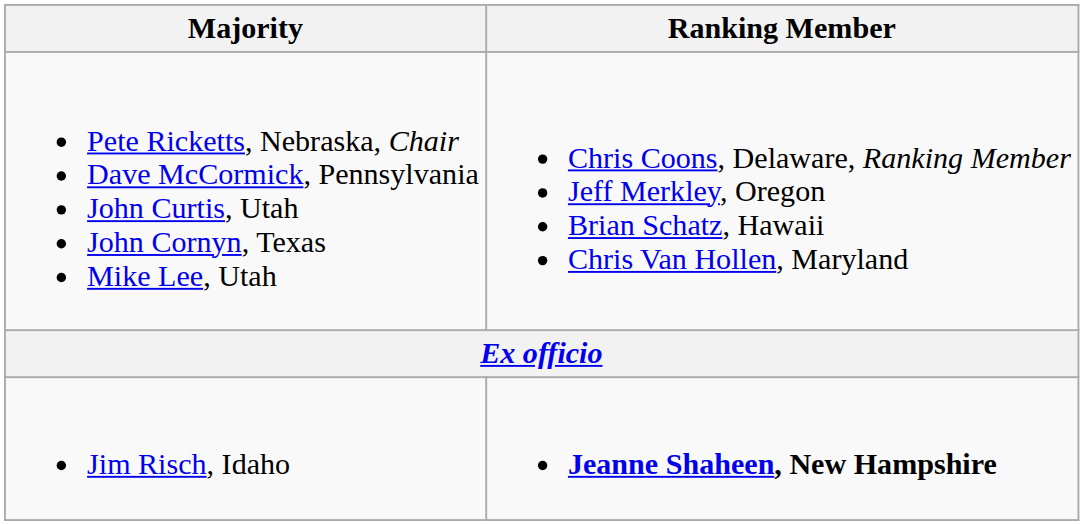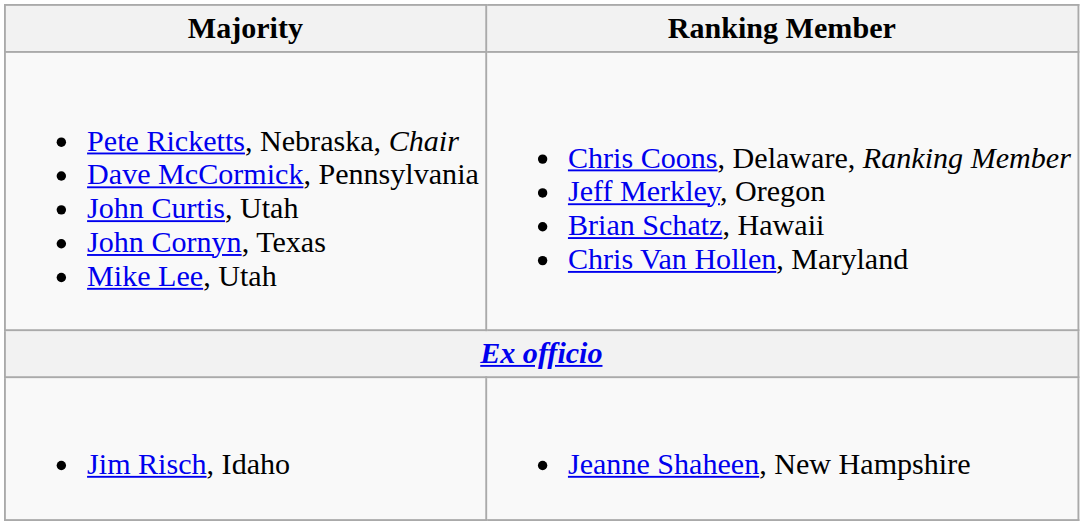 <table class=wikitable>
 <tr>
 <th>Majority</th>
 <th>Ranking Member</th>
 </tr>
 <tr>
 <td><br><ul><li><a href='#'>Pete Ricketts</a>, Nebraska, <em>Chair</em></li><li><a href='#'>Dave McCormick</a>, Pennsylvania</li><li><a href='#'>John Curtis</a>, Utah</li><li><a href='#'>John Cornyn</a>, Texas</li><li><a href='#'>Mike Lee</a>, Utah</li></ul></td>
 <td><br><ul><li><a href='#'>Chris Coons</a>, Delaware, <em>Ranking Member</em></li><li><a href='#'>Jeff Merkley</a>, Oregon</li><li><a href='#'>Brian Schatz</a>, Hawaii</li><li><a href='#'>Chris Van Hollen</a>, Maryland</li></ul></td>
 </tr>
 <tr>
 <th colspan=2><em><a href='#'>Ex officio</a></em></th>
 </tr>
 <tr>
 <td><br><ul><li><a href='#'>Jim Risch</a>, Idaho</li></ul></td>
-<td><strong><br><ul><li><a href='#'>Jeanne Shaheen</a>, New Hampshire</li></ul></strong></td>
+<td><br><ul><li><a href='#'>Jeanne Shaheen</a>, New Hampshire</li></ul></td>
 </tr>
 </table>
